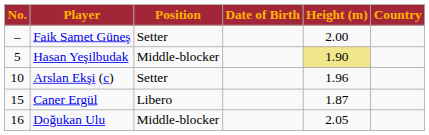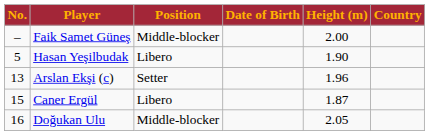 <table class="wikitable plainrowheaders sortable">
 <tr>
 <th style="background:#A32638; color:#FFB300; ">No.</th>
 <th style="background:#A32638; color:#FFB300; ">Player</th>
 <th style="background:#A32638; color:#FFB300; ">Position</th>
 <th style="background:#A32638; color:#FFB300; ">Date of Birth</th>
 <th style="background:#A32638; color:#FFB300; ">Height (m)</th>
 <th style="background:#A32638; color:#FFB300; ">Country</th>
 </tr>
 <tr>
 <td align="center">–</td>
 <td><a href='#'>Faik Samet Güneş</a></td>
-<td>Setter</td>
+<td>Middle-blocker</td>
 <td></td>
 <td align="center">2.00</td>
 <td></td>
 </tr>
 <tr>
 <td align="center">5</td>
 <td><a href='#'>Hasan Yeşilbudak</a></td>
-<td>Middle-blocker</td>
+<td>Libero</td>
 <td></td>
-<td align="center" style="background: khaki;">1.90</td>
+<td align="center">1.90</td>
 <td></td>
 </tr>
 <tr>
-<td align="center">10</td>
+<td align="center">13</td>
 <td><a href='#'>Arslan Ekşi</a> (<a href='#'>c</a>)</td>
 <td>Setter</td>
 <td></td>
 <td align="center">1.96</td>
 <td></td>
 </tr>
 <tr>
 <td align="center">15</td>
 <td><a href='#'>Caner Ergül</a></td>
 <td>Libero</td>
 <td></td>
 <td align="center">1.87</td>
 <td></td>
 </tr>
 <tr>
 <td align="center">16</td>
 <td><a href='#'>Doğukan Ulu</a></td>
 <td>Middle-blocker</td>
 <td></td>
 <td align="center">2.05</td>
 <td></td>
 </tr>
 </table>
